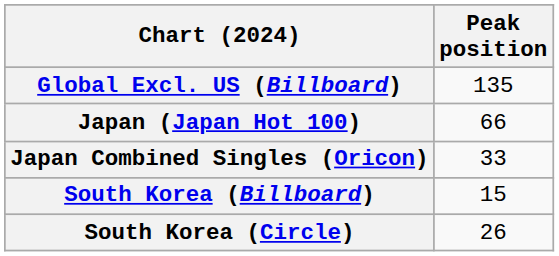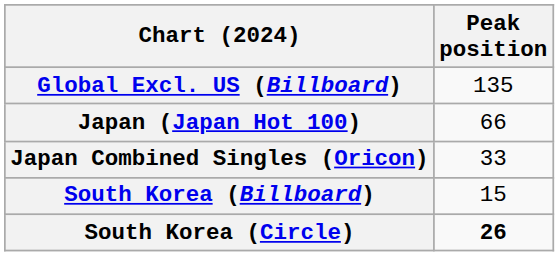 <table class="wikitable plainrowheaders sortable" style="text-align:center">
 <tr>
 <th scope="col">Chart (2024)</th>
 <th scope="col">Peak<br>position</th>
 </tr>
 <tr>
 <th scope="row"><a href='#'>Global Excl. US</a> (<em><a href='#'>Billboard</a></em>)</th>
 <td>135</td>
 </tr>
 <tr>
 <th scope="row">Japan (<a href='#'>Japan Hot 100</a>)</th>
 <td>66</td>
 </tr>
 <tr>
 <th scope="row">Japan Combined Singles (<a href='#'>Oricon</a>)</th>
 <td>33</td>
 </tr>
 <tr>
 <th scope="row"><a href='#'>South Korea</a> (<em><a href='#'>Billboard</a></em>)</th>
 <td>15</td>
 </tr>
 <tr>
 <th scope="row">South Korea (<a href='#'>Circle</a>)</th>
-<td>26</td>
+<td><strong>26</strong></td>
 </tr>
 </table>
